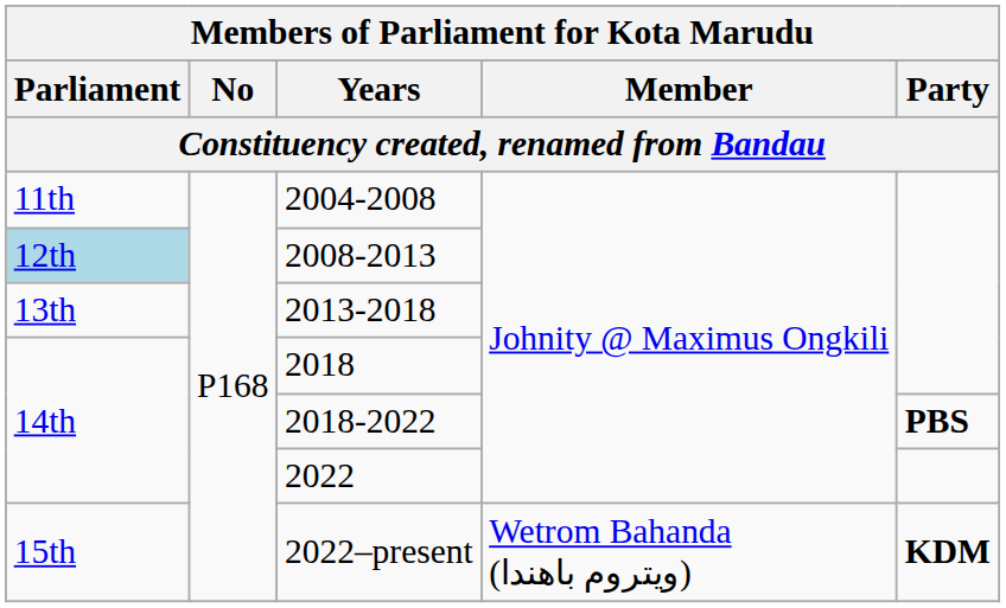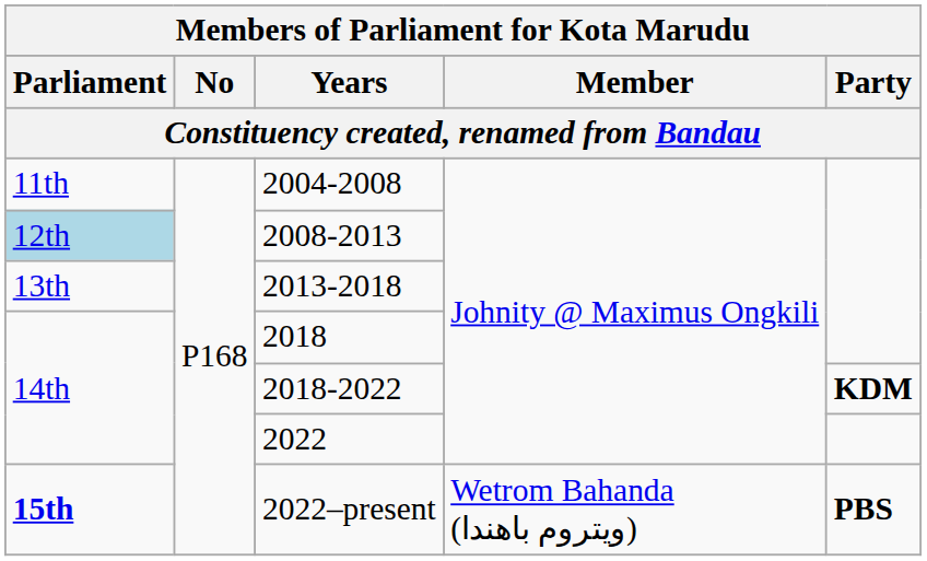 <table class=wikitable>
 <tr>
 <th colspan="5">Members of Parliament for Kota Marudu</th>
 </tr>
 <tr>
 <th>Parliament</th>
 <th>No</th>
 <th>Years</th>
 <th>Member</th>
 <th>Party</th>
 </tr>
 <tr>
 <th colspan="5" align="center"><em>Constituency created, renamed from <a href='#'>Bandau</a></em></th>
 </tr>
 <tr>
 <td><a href='#'>11th</a></td>
 <td rowspan="7">P168</td>
 <td>2004-2008</td>
 <td rowspan="6"><a href='#'>Johnity @ Maximus Ongkili</a></td>
 <td rowspan=4></td>
 </tr>
 <tr>
 <td style="background: lightblue;"><a href='#'>12th</a></td>
 <td>2008-2013</td>
 </tr>
 <tr>
 <td><a href='#'>13th</a></td>
 <td>2013-2018</td>
 </tr>
 <tr>
 <td rowspan="3"><a href='#'>14th</a></td>
 <td>2018</td>
 </tr>
 <tr>
 <td>2018-2022</td>
-<td><strong>PBS</strong></td>
+<td><strong>KDM</strong></td>
 </tr>
 <tr>
 <td>2022</td>
 <td></td>
 </tr>
 <tr>
-<td><a href='#'>15th</a></td>
+<td><strong><a href='#'>15th</a></strong></td>
 <td>2022–present</td>
 <td><a href='#'>Wetrom Bahanda</a>  <br>(ويتروم باهندا)</td>
-<td><strong>KDM</strong></td>
+<td><strong>PBS</strong></td>
 </tr>
 </table>
